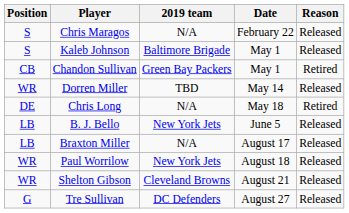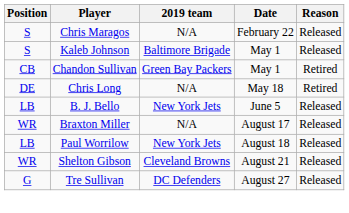 <table class="wikitable" style="text-align:center">
 <tr>
 <th>Position</th>
 <th>Player</th>
 <th>2019 team</th>
 <th>Date</th>
 <th>Reason</th>
 </tr>
 <tr>
 <td><a href='#'>S</a></td>
 <td><a href='#'>Chris Maragos</a></td>
 <td>N/A</td>
 <td>February 22</td>
 <td>Released</td>
 </tr>
 <tr>
 <td><a href='#'>S</a></td>
 <td><a href='#'>Kaleb Johnson</a></td>
 <td><a href='#'>Baltimore Brigade</a></td>
 <td>May 1</td>
 <td>Released</td>
 </tr>
 <tr>
 <td><a href='#'>CB</a></td>
 <td><a href='#'>Chandon Sullivan</a></td>
 <td><a href='#'>Green Bay Packers</a></td>
 <td>May 1</td>
 <td>Retired</td>
 </tr>
 <tr>
-<td><a href='#'>WR</a></td>
-<td><a href='#'>Dorren Miller</a></td>
-<td>TBD</td>
-<td>May 14</td>
-<td>Released</td>
-</tr>
-<tr>
 <td><a href='#'>DE</a></td>
 <td><a href='#'>Chris Long</a></td>
 <td>N/A</td>
 <td>May 18</td>
 <td>Retired</td>
 </tr>
 <tr>
 <td><a href='#'>LB</a></td>
 <td><a href='#'>B. J. Bello</a></td>
 <td><a href='#'>New York Jets</a></td>
 <td>June 5</td>
 <td>Released</td>
 </tr>
 <tr>
-<td><a href='#'>LB</a></td>
+<td><a href='#'>WR</a></td>
 <td><a href='#'>Braxton Miller</a></td>
 <td>N/A</td>
 <td>August 17</td>
 <td>Released</td>
 </tr>
 <tr>
-<td><a href='#'>WR</a></td>
+<td><a href='#'>LB</a></td>
 <td><a href='#'>Paul Worrilow</a></td>
 <td><a href='#'>New York Jets</a></td>
 <td>August 18</td>
 <td>Released</td>
 </tr>
 <tr>
 <td><a href='#'>WR</a></td>
 <td><a href='#'>Shelton Gibson</a></td>
 <td><a href='#'>Cleveland Browns</a></td>
 <td>August 21</td>
 <td>Released</td>
 </tr>
 <tr>
 <td><a href='#'>G</a></td>
 <td><a href='#'>Tre Sullivan</a></td>
 <td><a href='#'>DC Defenders</a></td>
 <td>August 27</td>
 <td>Released</td>
 </tr>
 </table>
